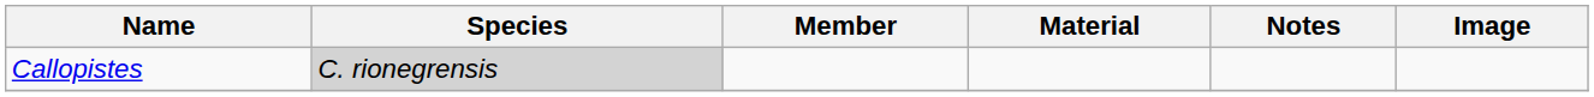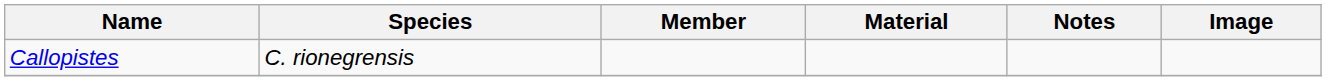 <table class="wikitable" align="center" width="75%">
 <tr>
 <th>Name</th>
 <th>Species</th>
 <th>Member</th>
 <th>Material</th>
 <th>Notes</th>
 <th>Image</th>
 </tr>
 <tr>
 <td><em><a href='#'>Callopistes</a></em></td>
-<td style="background: lightgrey;"><em>C. rionegrensis</em></td>
+<td><em>C. rionegrensis</em></td>
 <td></td>
 <td></td>
 <td></td>
 <td></td>
 </tr>
 <tr>
 </tr>
 </table>
